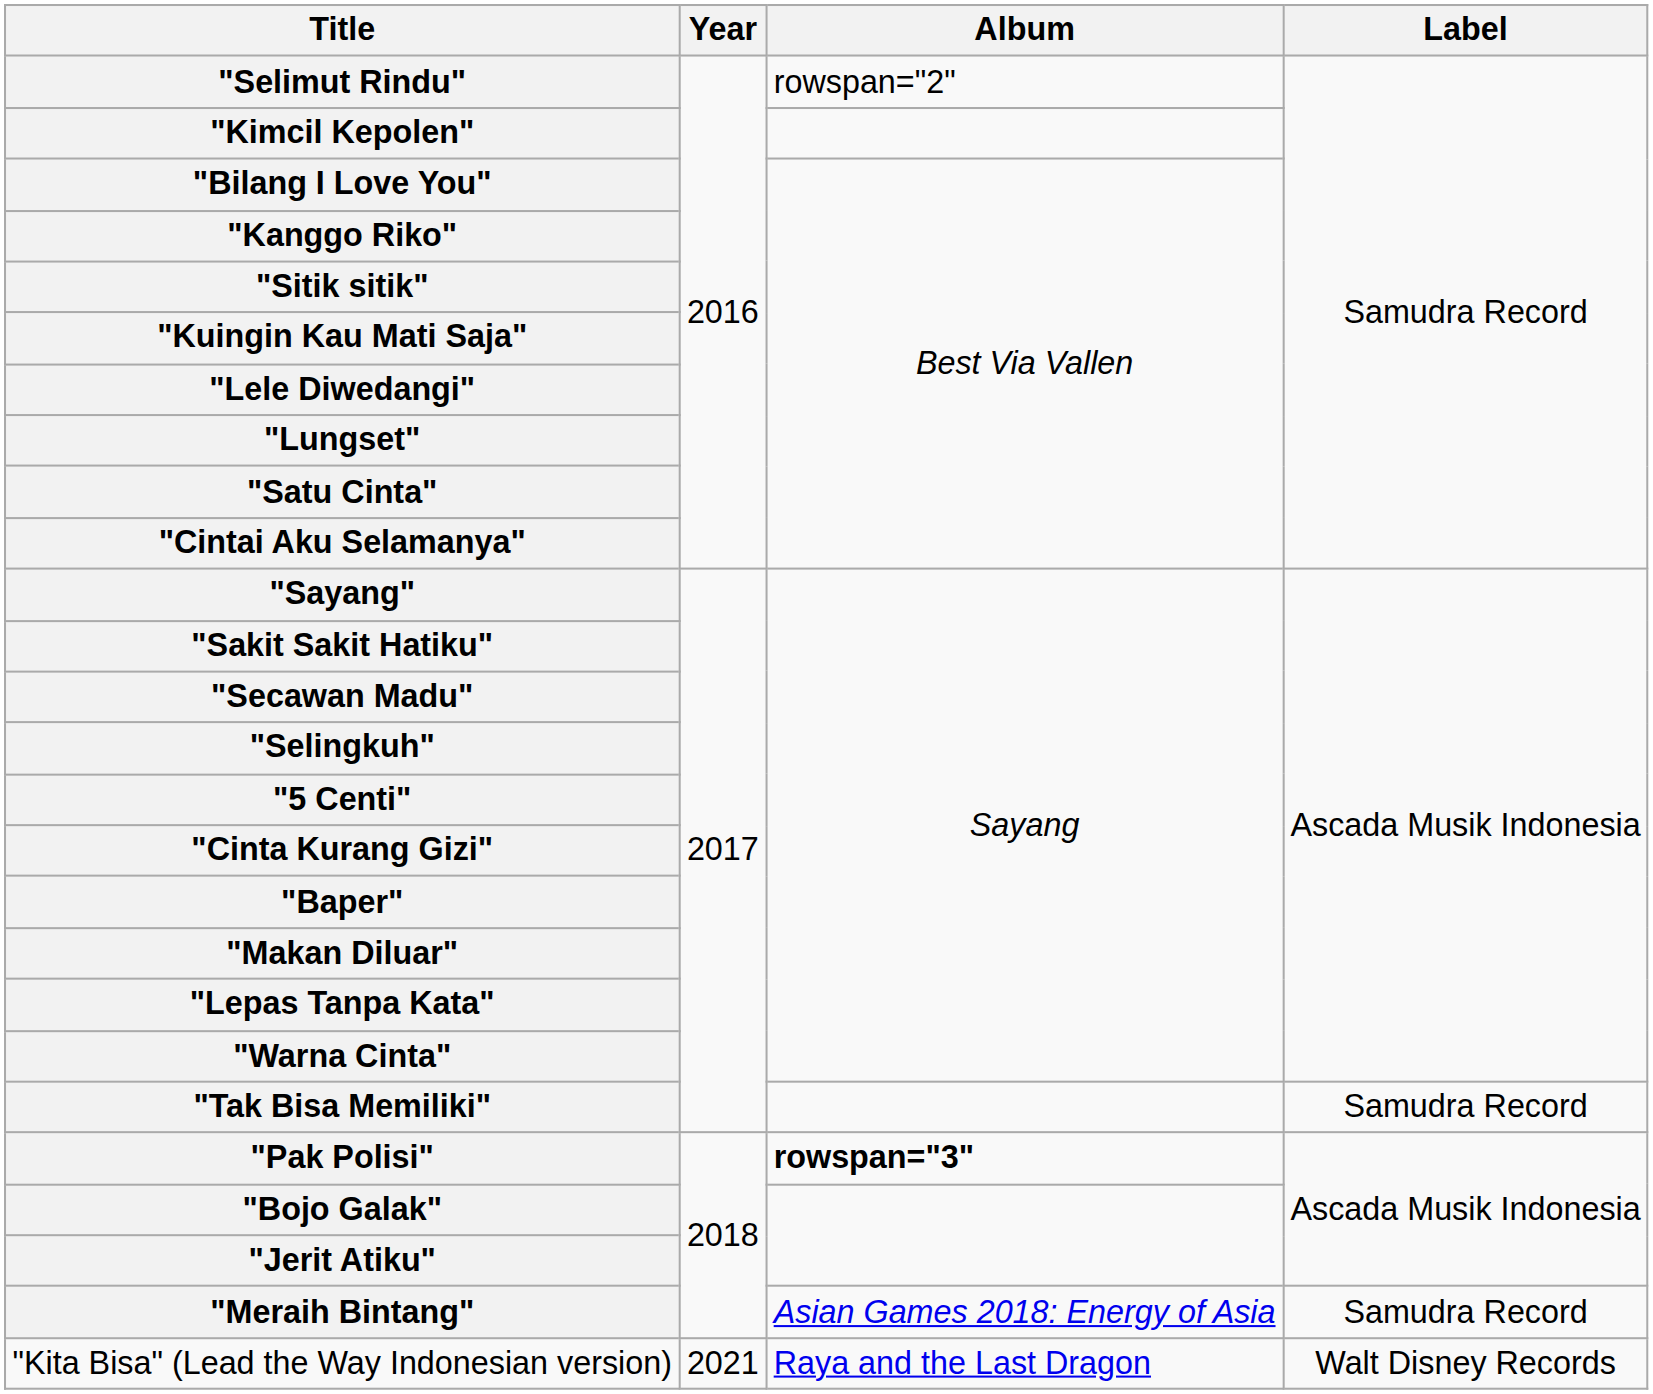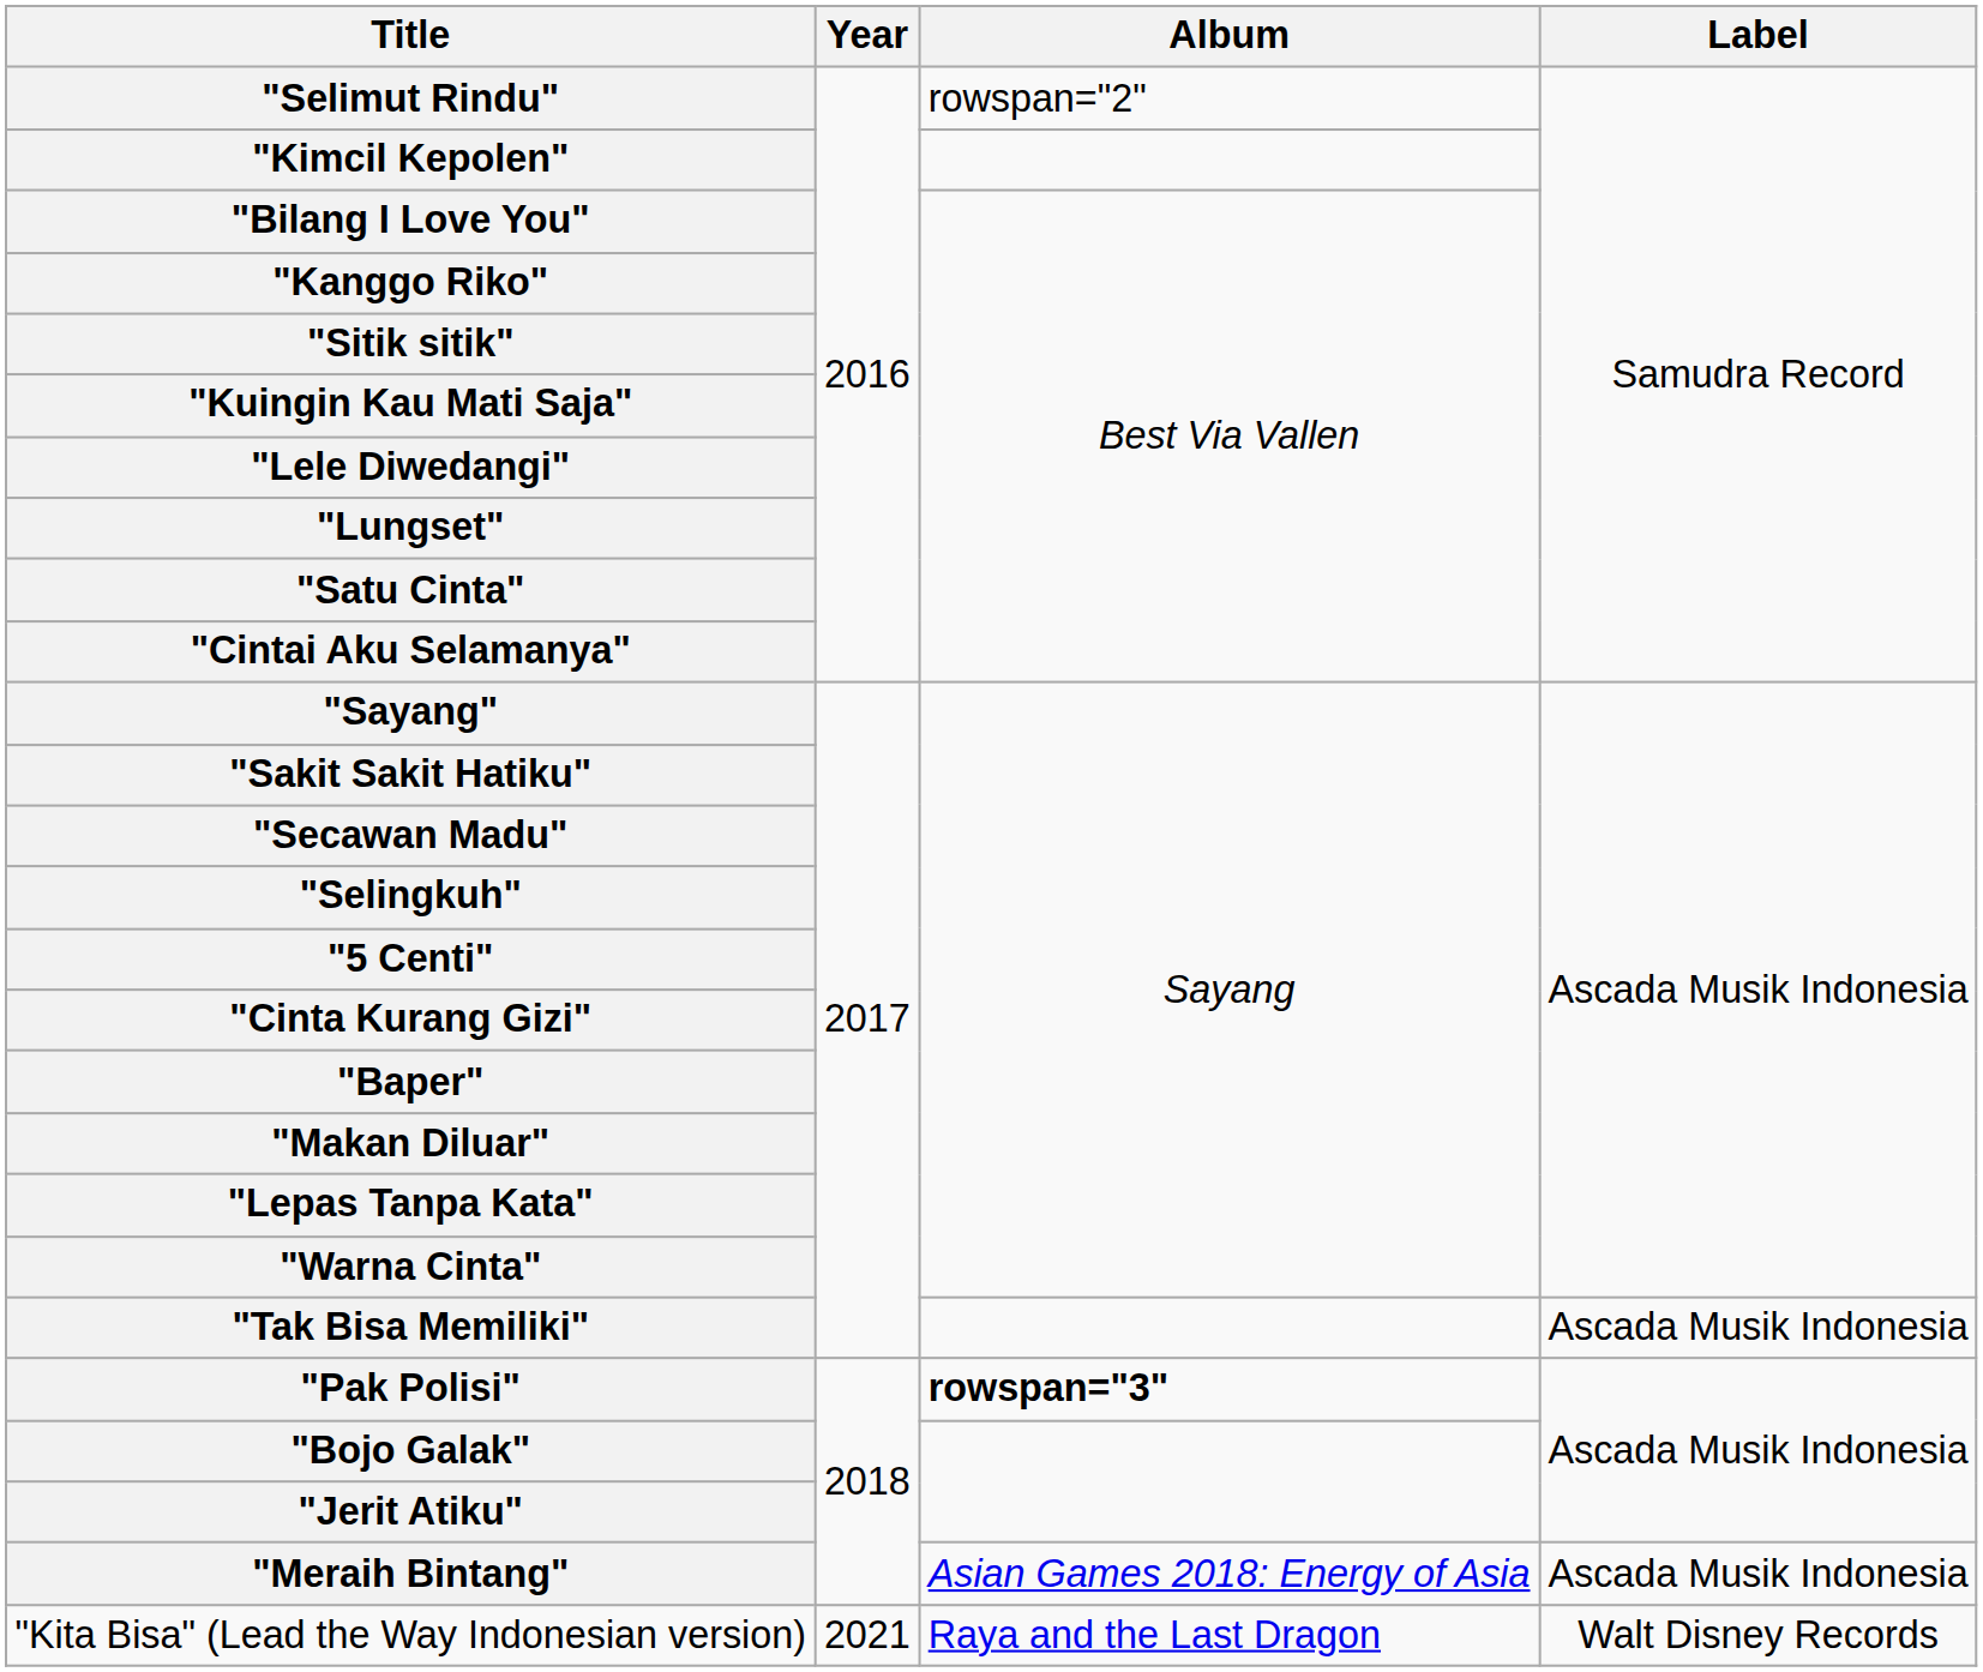 <table class="wikitable sortable mw-collapsible plainrowheaders">
 <tr>
 <th scope="col">Title</th>
 <th scope="col">Year</th>
 <th scope="col">Album</th>
 <th scope="col">Label</th>
 </tr>
 <tr>
 <th scope="row">"Selimut Rindu"</th>
 <td align="center" rowspan= "10">2016</td>
 <td>rowspan="2" </td>
 <td align="center" rowspan= "10">Samudra Record</td>
 </tr>
 <tr>
 <th scope="row">"Kimcil Kepolen" </th>
 </tr>
 <tr>
 <th scope="row">"Bilang I Love You"</th>
 <td align="center" rowspan= "8"><em>Best Via Vallen</em></td>
 </tr>
 <tr>
 <th scope="row">"Kanggo Riko" </th>
 </tr>
 <tr>
 <th scope="row">"Sitik sitik" </th>
 </tr>
 <tr>
 <th scope="row">"Kuingin Kau Mati Saja"</th>
 </tr>
 <tr>
 <th scope="row">"Lele Diwedangi" </th>
 </tr>
 <tr>
 <th scope="row">"Lungset"  <br></th>
 </tr>
 <tr>
 <th scope="row">"Satu Cinta"</th>
 </tr>
 <tr>
 <th scope="row">"Cintai Aku Selamanya"</th>
 </tr>
 <tr>
 <th scope="row">"Sayang" </th>
 <td align="center" rowspan= "11">2017</td>
 <td align="center" rowspan= "10"><em>Sayang</em></td>
 <td align="center" rowspan= "10">Ascada Musik Indonesia</td>
 </tr>
 <tr>
 <th scope="row">"Sakit Sakit Hatiku"</th>
 </tr>
 <tr>
 <th scope="row">"Secawan Madu"</th>
 </tr>
 <tr>
 <th scope="row">"Selingkuh"</th>
 </tr>
 <tr>
 <th scope="row">"5 Centi"</th>
 </tr>
 <tr>
 <th scope="row">"Cinta Kurang Gizi"</th>
 </tr>
 <tr>
 <th scope="row">"Baper"</th>
 </tr>
 <tr>
 <th scope="row">"Makan Diluar"</th>
 </tr>
 <tr>
 <th scope="row">"Lepas Tanpa Kata"</th>
 </tr>
 <tr>
 <th scope="row">"Warna Cinta"</th>
 </tr>
 <tr>
 <th scope="row">"Tak Bisa Memiliki"</th>
 <td></td>
-<td align="center" rowspan= "1">Samudra Record</td>
+<td align="center">Ascada Musik Indonesia</td>
 </tr>
 <tr>
 <th scope="row">"Pak Polisi"</th>
 <td align="center" rowspan= "4">2018</td>
 <td><strong>rowspan="3" </strong></td>
 <td align="center" rowspan= "3">Ascada Musik Indonesia</td>
 </tr>
 <tr>
 <th scope="row">"Bojo Galak" </th>
 </tr>
 <tr>
 <th scope="row">"Jerit Atiku" </th>
 </tr>
 <tr>
 <th scope="row">"Meraih Bintang"</th>
 <td><em><a href='#'>Asian Games 2018: Energy of Asia</a></em></td>
-<td align="center" rowspan= "1">Samudra Record</td>
+<td align="center">Ascada Musik Indonesia</td>
 </tr>
 <tr>
 <td scope="row">"Kita Bisa" (Lead the Way Indonesian version)</td>
 <td align="center" rowspan= "4">2021</td>
 <td rowspan="3"><a href='#'>Raya and the Last Dragon</a></td>
 <td align="center" rowspan= "3">Walt Disney Records</td>
 </tr>
 </table>
